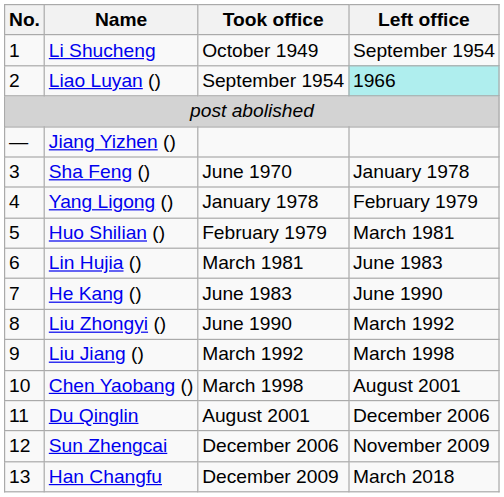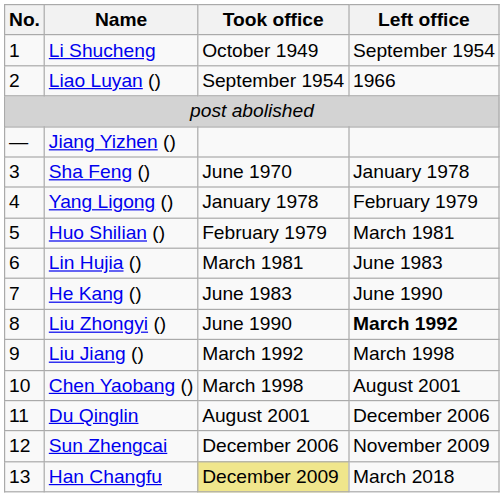 <table class="wikitable">
 <tr>
 <th>No.</th>
 <th>Name</th>
 <th>Took office</th>
 <th>Left office</th>
 </tr>
 <tr>
 <td>1</td>
 <td><a href='#'>Li Shucheng</a></td>
 <td>October 1949</td>
 <td>September 1954</td>
 </tr>
 <tr>
 <td>2</td>
 <td><a href='#'>Liao Luyan</a> ()</td>
 <td>September 1954</td>
-<td style="background: paleturquoise;">1966</td>
+<td>1966</td>
 </tr>
 <tr>
 <td colspan="4" align="center" bgcolor="lightgrey"><em>post abolished</em></td>
 </tr>
 <tr>
 <td>—</td>
 <td><em></em> <a href='#'>Jiang Yizhen</a> ()</td>
 <td></td>
 <td></td>
 </tr>
 <tr>
 <td>3</td>
 <td><a href='#'>Sha Feng</a> ()</td>
 <td>June 1970</td>
 <td>January 1978</td>
 </tr>
 <tr>
 <td>4</td>
 <td><a href='#'>Yang Ligong</a> ()</td>
 <td>January 1978</td>
 <td>February 1979</td>
 </tr>
 <tr>
 <td>5</td>
 <td><a href='#'>Huo Shilian</a> ()</td>
 <td>February 1979</td>
 <td>March 1981</td>
 </tr>
 <tr>
 <td>6</td>
 <td><a href='#'>Lin Hujia</a> ()</td>
 <td>March 1981</td>
 <td>June 1983</td>
 </tr>
 <tr>
 <td>7</td>
 <td><a href='#'>He Kang</a> ()</td>
 <td>June 1983</td>
 <td>June 1990</td>
 </tr>
 <tr>
 <td>8</td>
 <td><a href='#'>Liu Zhongyi</a> ()</td>
 <td>June 1990</td>
-<td>March 1992</td>
+<td><strong>March 1992</strong></td>
 </tr>
 <tr>
 <td>9</td>
 <td><a href='#'>Liu Jiang</a> ()</td>
 <td>March 1992</td>
 <td>March 1998</td>
 </tr>
 <tr>
 <td>10</td>
 <td><a href='#'>Chen Yaobang</a> ()</td>
 <td>March 1998</td>
 <td>August 2001</td>
 </tr>
 <tr>
 <td>11</td>
 <td><a href='#'>Du Qinglin</a></td>
 <td>August 2001</td>
 <td>December 2006</td>
 </tr>
 <tr>
 <td>12</td>
 <td><a href='#'>Sun Zhengcai</a></td>
 <td>December 2006</td>
 <td>November 2009</td>
 </tr>
 <tr>
 <td>13</td>
 <td><a href='#'>Han Changfu</a></td>
-<td>December 2009</td>
+<td style="background: khaki;">December 2009</td>
 <td>March 2018</td>
 </tr>
 </table>
